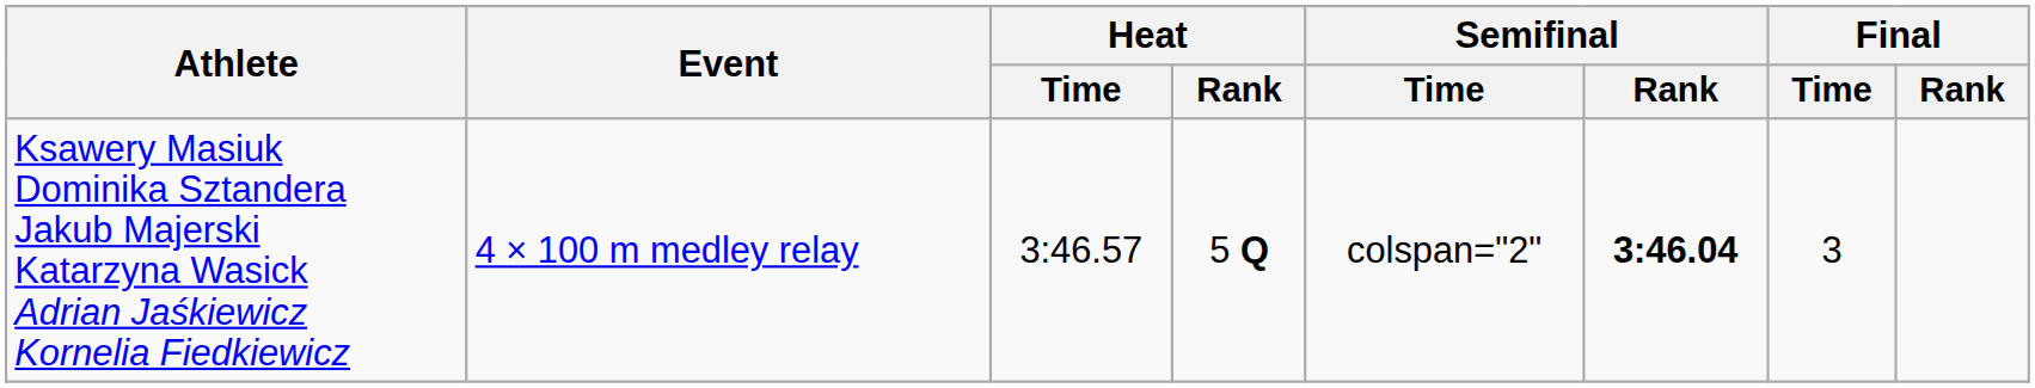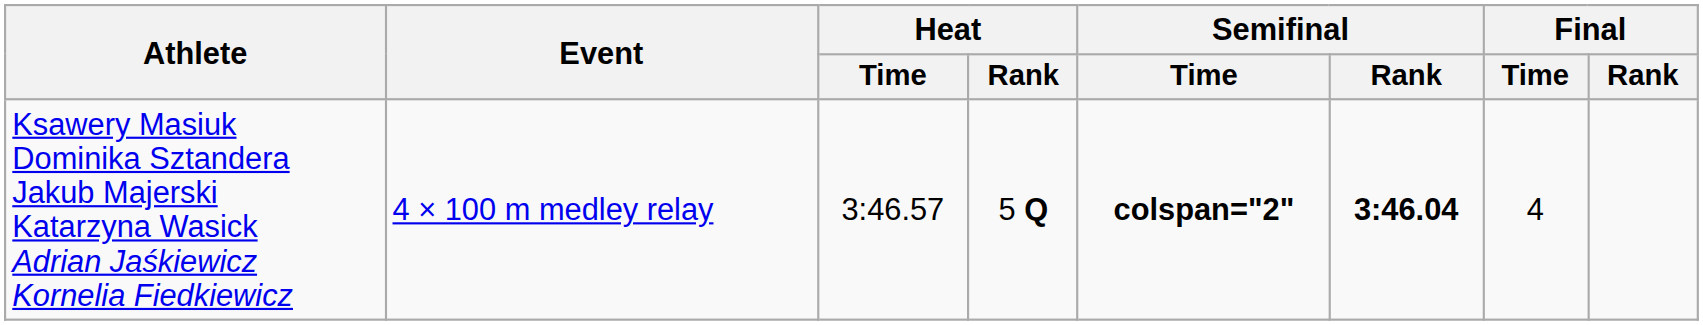 <table class="wikitable" style="text-align:center; font-size:90%; width:50%;">
 <tr>
 <th rowspan="2">Athlete</th>
 <th rowspan="2">Event</th>
 <th colspan="2">Heat</th>
 <th colspan="2">Semifinal</th>
 <th colspan="2">Final</th>
 </tr>
 <tr style="font-size:95%">
 <th>Time</th>
 <th>Rank</th>
 <th>Time</th>
 <th>Rank</th>
 <th>Time</th>
 <th>Rank</th>
 </tr>
 <tr align=center>
 <td align=left><a href='#'>Ksawery Masiuk</a> <br><a href='#'>Dominika Sztandera</a><br><a href='#'>Jakub Majerski</a> <br><a href='#'>Katarzyna Wasick</a><br><em><a href='#'>Adrian Jaśkiewicz</a><br><a href='#'>Kornelia Fiedkiewicz</a></em></td>
 <td align=left><a href='#'>4 × 100 m medley relay</a></td>
 <td>3:46.57</td>
 <td>5 <strong>Q</strong></td>
-<td>colspan="2" </td>
+<td><strong>colspan="2" </strong></td>
 <td><strong>3:46.04</strong></td>
-<td>3</td>
+<td>4</td>
 </tr>
 </table>
